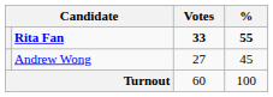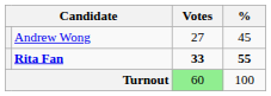 <table class=wikitable style="font-size: 90%;">
 <tr>
 <th colspan="2">Candidate</th>
 <th style="width: 50px">Votes</th>
 <th style="width: 40px">%</th>
 </tr>
 <tr>
 <th style="background-color: "></th>
+<td style="width: 170px"><a href='#'>Andrew Wong</a></td>
+<td align="center">27</td>
+<td align="center">45</td>
+</tr>
+<tr>
+<th style="background-color: "></th>
 <td style="width: 170px"><strong><a href='#'>Rita Fan</a></strong> </td>
 <td align="center"><strong>33</strong></td>
 <td align="center"><strong>55</strong></td>
 </tr>
 <tr>
-<th style="background-color: "></th>
-<td style="width: 170px"><a href='#'>Andrew Wong</a></td>
-<td align="center">27</td>
-<td align="center">45</td>
-</tr>
-<tr>
 <th colspan="2" style="text-align:right">Turnout</th>
-<td align="center">60</td>
+<td align="center" style="background: lightgreen;">60</td>
 <td align="center">100</td>
 </tr>
 </table>
